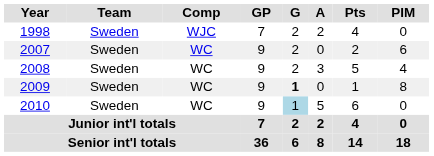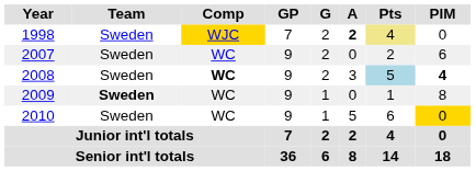 <table BORDER="0" CELLPADDING="2" CELLSPACING="0" width=40%>
 <tr ALIGN="center" bgcolor="#e0e0e0">
 <th>Year</th>
 <th>Team</th>
 <th>Comp</th>
 <th>GP</th>
 <th>G</th>
 <th>A</th>
 <th>Pts</th>
 <th>PIM</th>
 </tr>
 <tr ALIGN="center">
 <td><a href='#'>1998</a></td>
 <td><a href='#'>Sweden</a></td>
-<td><a href='#'>WJC</a></td>
+<td style="background: gold;"><a href='#'>WJC</a></td>
 <td>7</td>
 <td>2</td>
-<td>2</td>
-<td>4</td>
+<td><strong>2</strong></td>
+<td style="background: khaki;">4</td>
 <td>0</td>
 </tr>
 <tr ALIGN="center" bgcolor="#f0f0f0">
 <td><a href='#'>2007</a></td>
 <td>Sweden</td>
 <td><a href='#'>WC</a></td>
 <td>9</td>
 <td>2</td>
 <td>0</td>
 <td>2</td>
 <td>6</td>
 </tr>
 <tr ALIGN="center">
 <td><a href='#'>2008</a></td>
 <td>Sweden</td>
-<td>WC</td>
+<td><strong>WC</strong></td>
 <td>9</td>
 <td>2</td>
 <td>3</td>
-<td>5</td>
-<td>4</td>
+<td style="background: lightblue;">5</td>
+<td><strong>4</strong></td>
 </tr>
 <tr ALIGN="center" bgcolor="#f0f0f0">
 <td><a href='#'>2009</a></td>
-<td>Sweden</td>
+<td><strong>Sweden</strong></td>
 <td>WC</td>
 <td>9</td>
-<td><strong>1</strong></td>
+<td>1</td>
 <td>0</td>
 <td>1</td>
 <td>8</td>
 </tr>
 <tr ALIGN="center">
 <td><a href='#'>2010</a></td>
 <td>Sweden</td>
 <td>WC</td>
 <td>9</td>
-<td style="background: lightblue;">1</td>
+<td>1</td>
 <td>5</td>
 <td>6</td>
-<td>0</td>
+<td style="background: gold;">0</td>
 </tr>
 <tr bgcolor="#e0e0e0">
 <th colspan="3">Junior int'l totals</th>
 <th>7</th>
 <th>2</th>
 <th>2</th>
 <th>4</th>
 <th>0</th>
 </tr>
 <tr bgcolor="#e0e0e0">
 <th colspan="3">Senior int'l totals</th>
 <th>36</th>
 <th>6</th>
 <th>8</th>
 <th>14</th>
 <th>18</th>
 </tr>
 </table>
